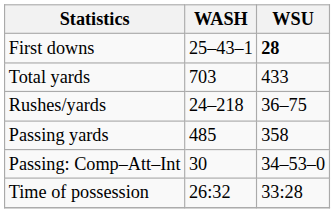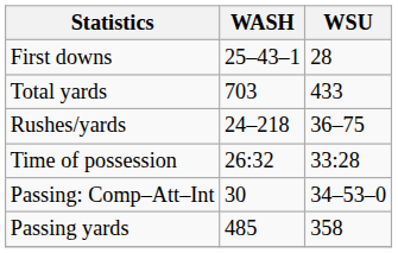 <table class="wikitable" style="float: left;">
 <tr>
 <th>Statistics</th>
 <th>WASH</th>
 <th>WSU</th>
 </tr>
 <tr>
 <td>First downs</td>
 <td>25–43–1</td>
-<td><strong>28</strong></td>
+<td>28</td>
 </tr>
 <tr>
 <td>Total yards</td>
 <td>703</td>
 <td>433</td>
 </tr>
 <tr>
 <td>Rushes/yards</td>
 <td>24–218</td>
 <td>36–75</td>
 </tr>
 <tr>
-<td>Passing yards</td>
-<td>485</td>
-<td>358</td>
+<td>Time of possession</td>
+<td>26:32</td>
+<td>33:28</td>
 </tr>
 <tr>
 <td>Passing: Comp–Att–Int</td>
 <td>30</td>
 <td>34–53–0</td>
 </tr>
 <tr>
-<td>Time of possession</td>
-<td>26:32</td>
-<td>33:28</td>
+<td>Passing yards</td>
+<td>485</td>
+<td>358</td>
 </tr>
 <tr>
 </tr>
 </table>
